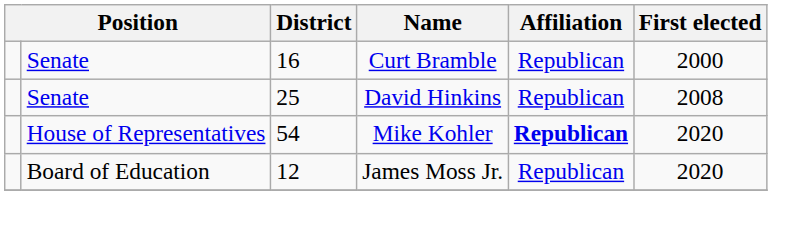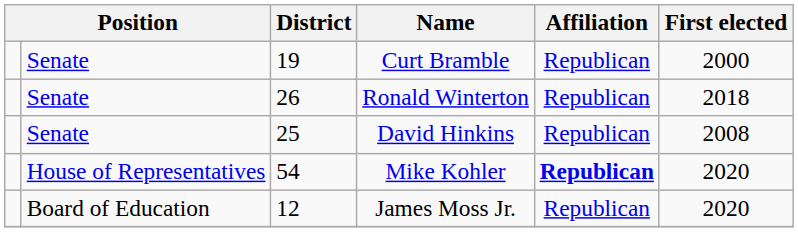 <table class="wikitable">
 <tr>
 <th colspan="2" style="text-align:center; vertical-align:bottom;">Position</th>
 <th>District</th>
 <th style="text-align:center;">Name</th>
 <th valign="bottom">Affiliation</th>
 <th style="vertical-align:bottom; text-align:center;">First elected</th>
 </tr>
 <tr>
 <td style="background-color:"> </td>
 <td><a href='#'>Senate</a></td>
-<td>16</td>
+<td>19</td>
 <td style="text-align:center;"><a href='#'>Curt Bramble</a></td>
 <td style="text-align:center;"><a href='#'>Republican</a></td>
 <td style="text-align:center;">2000</td>
+</tr>
+<tr>
+<td style="background-color:"> </td>
+<td><a href='#'>Senate</a></td>
+<td>26</td>
+<td style="text-align:center;"><a href='#'>Ronald Winterton</a></td>
+<td style="text-align:center;"><a href='#'>Republican</a></td>
+<td style="text-align:center;">2018</td>
 </tr>
 <tr>
 <td style="background-color:"> </td>
 <td><a href='#'>Senate</a></td>
 <td>25</td>
 <td style="text-align:center;"><a href='#'>David Hinkins</a></td>
 <td style="text-align:center;"><a href='#'>Republican</a></td>
 <td style="text-align:center;">2008</td>
 </tr>
 <tr>
 <td style="background-color:"> </td>
 <td><a href='#'>House of Representatives</a></td>
 <td>54</td>
 <td style="text-align:center;"><a href='#'>Mike Kohler</a></td>
 <td style="text-align:center;"><strong><a href='#'>Republican</a></strong></td>
 <td style="text-align:center;">2020</td>
 </tr>
 <tr>
 <td style="background-color:"> </td>
 <td>Board of Education</td>
 <td>12</td>
 <td style="text-align:center;">James Moss Jr.</td>
 <td style="text-align:center;"><a href='#'>Republican</a></td>
 <td style="text-align:center;">2020</td>
 </tr>
 <tr>
 </tr>
 </table>
